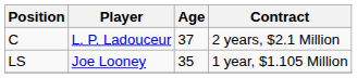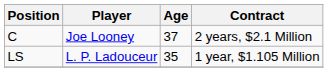 <table class="wikitable" style="font-size: 95%; text-align: left">
 <tr>
 <th>Position</th>
 <th>Player</th>
 <th>Age</th>
 <th>Contract</th>
 </tr>
 <tr>
 <td>C</td>
-<td><a href='#'>L. P. Ladouceur</a></td>
+<td><a href='#'>Joe Looney</a></td>
 <td>37</td>
 <td>2 years, $2.1 Million</td>
 </tr>
 <tr>
 <td>LS</td>
-<td><a href='#'>Joe Looney</a></td>
+<td><a href='#'>L. P. Ladouceur</a></td>
 <td>35</td>
 <td>1 year, $1.105 Million</td>
 </tr>
 <tr>
 </tr>
 </table>
